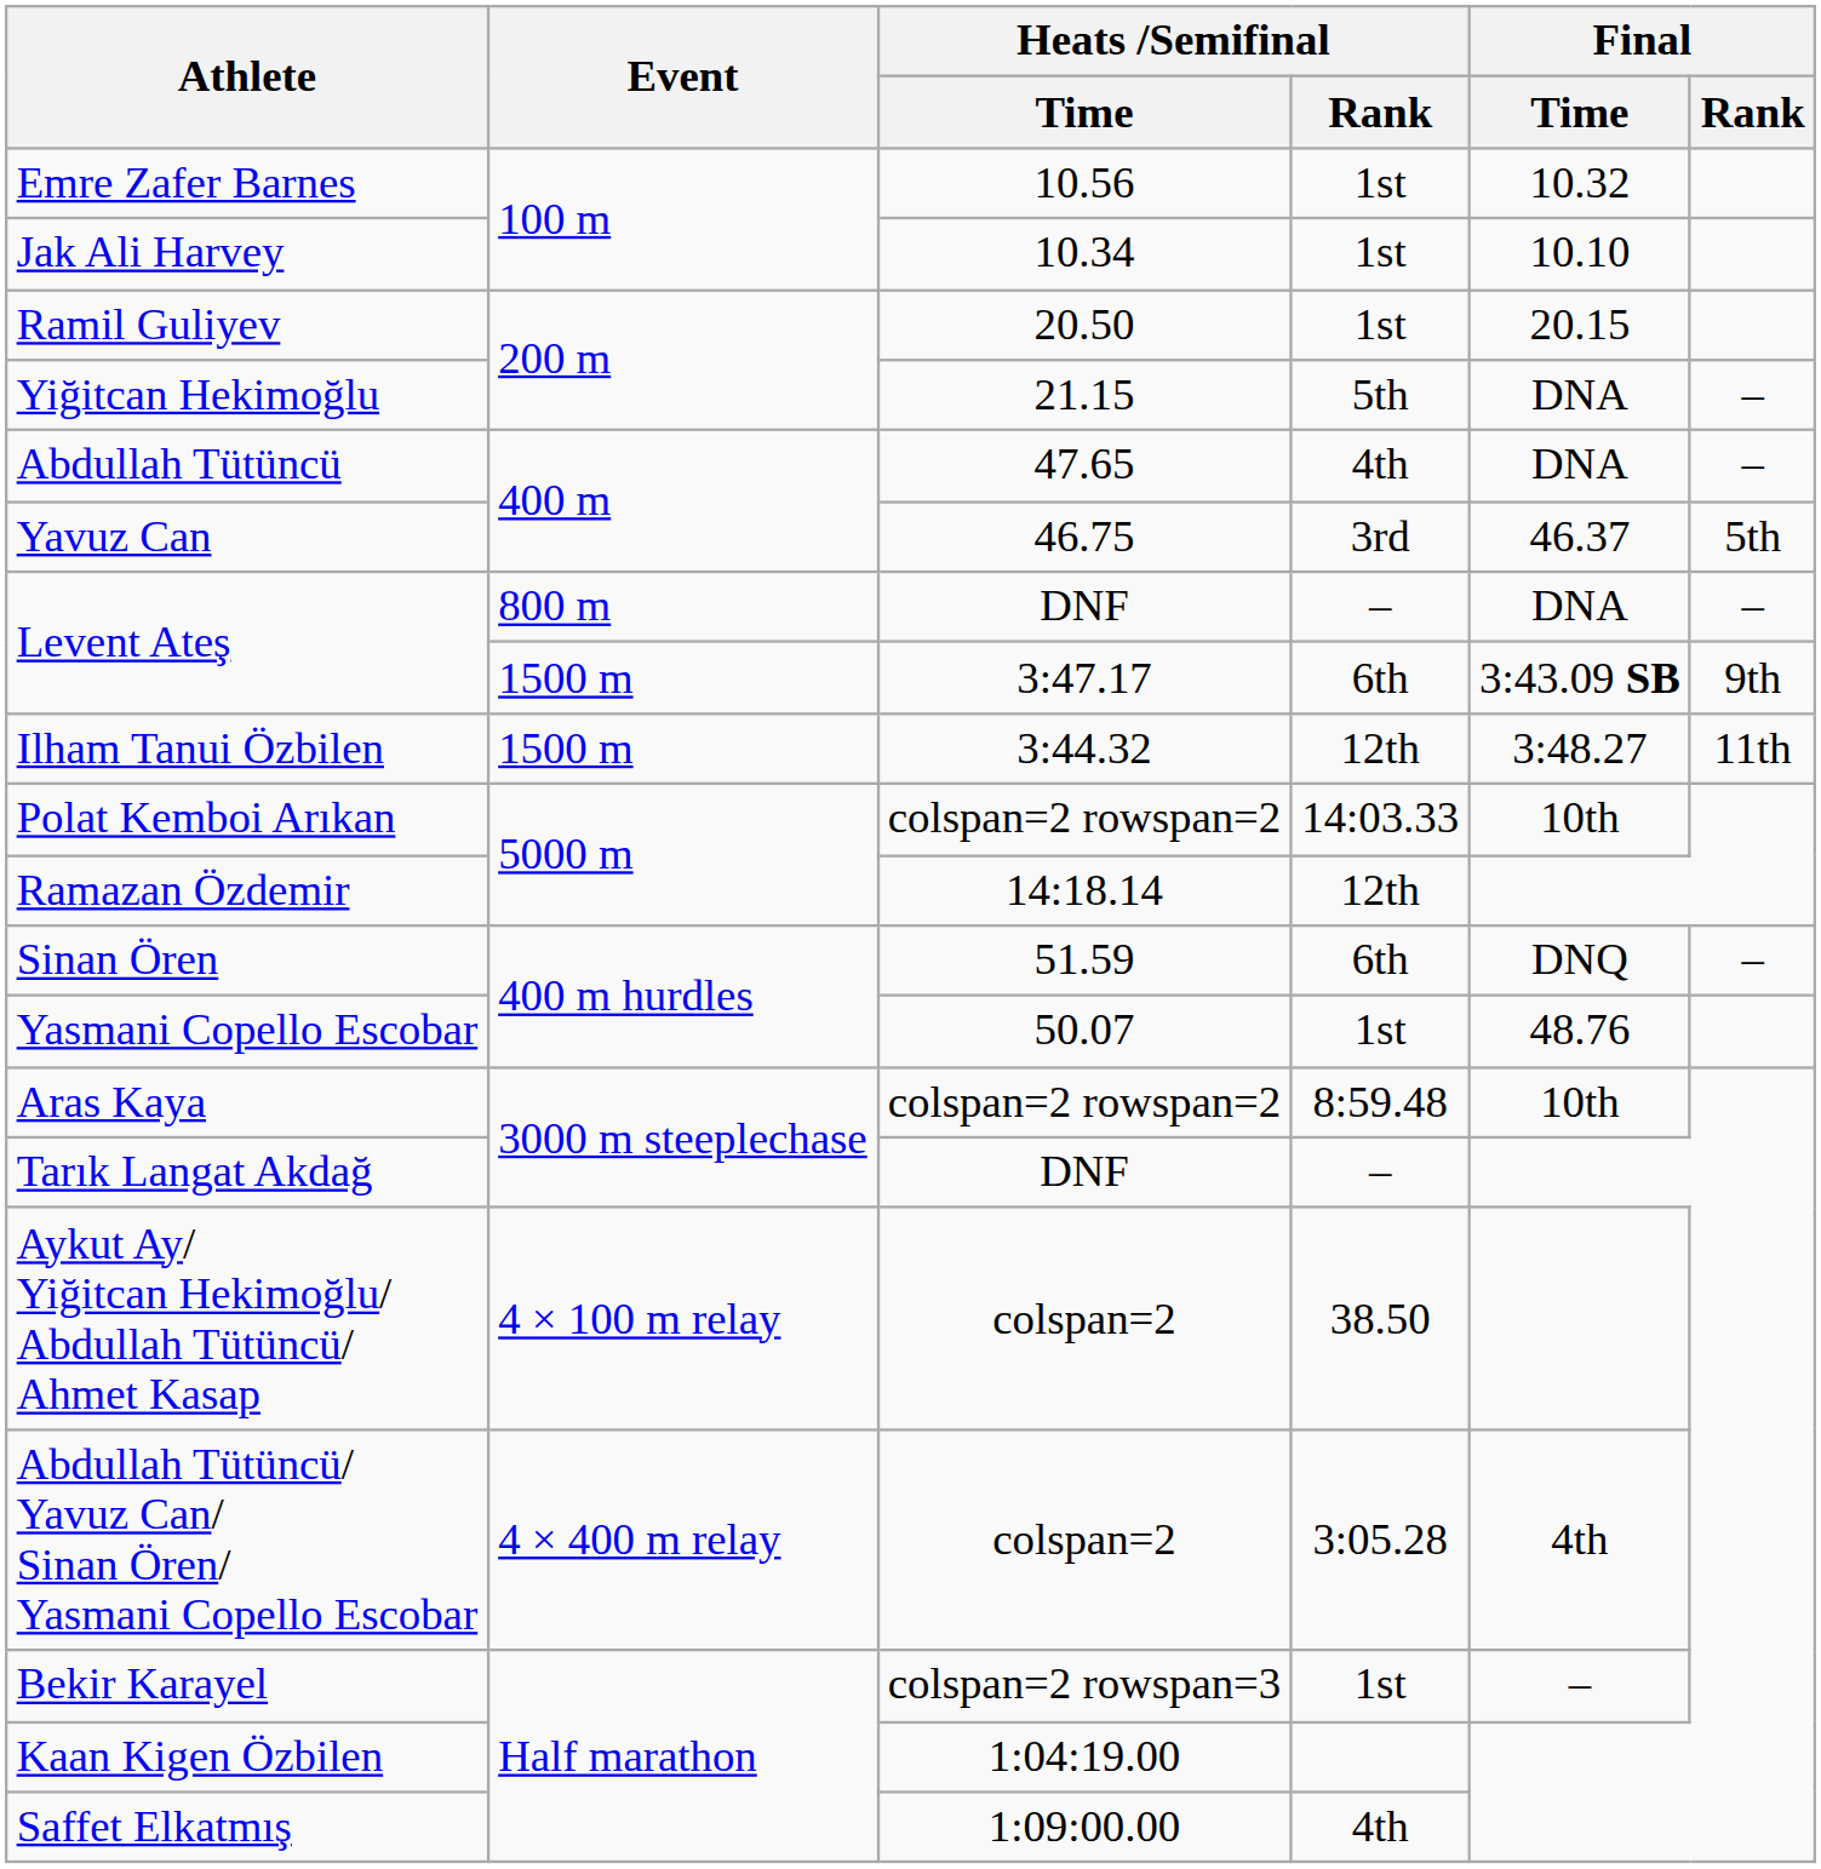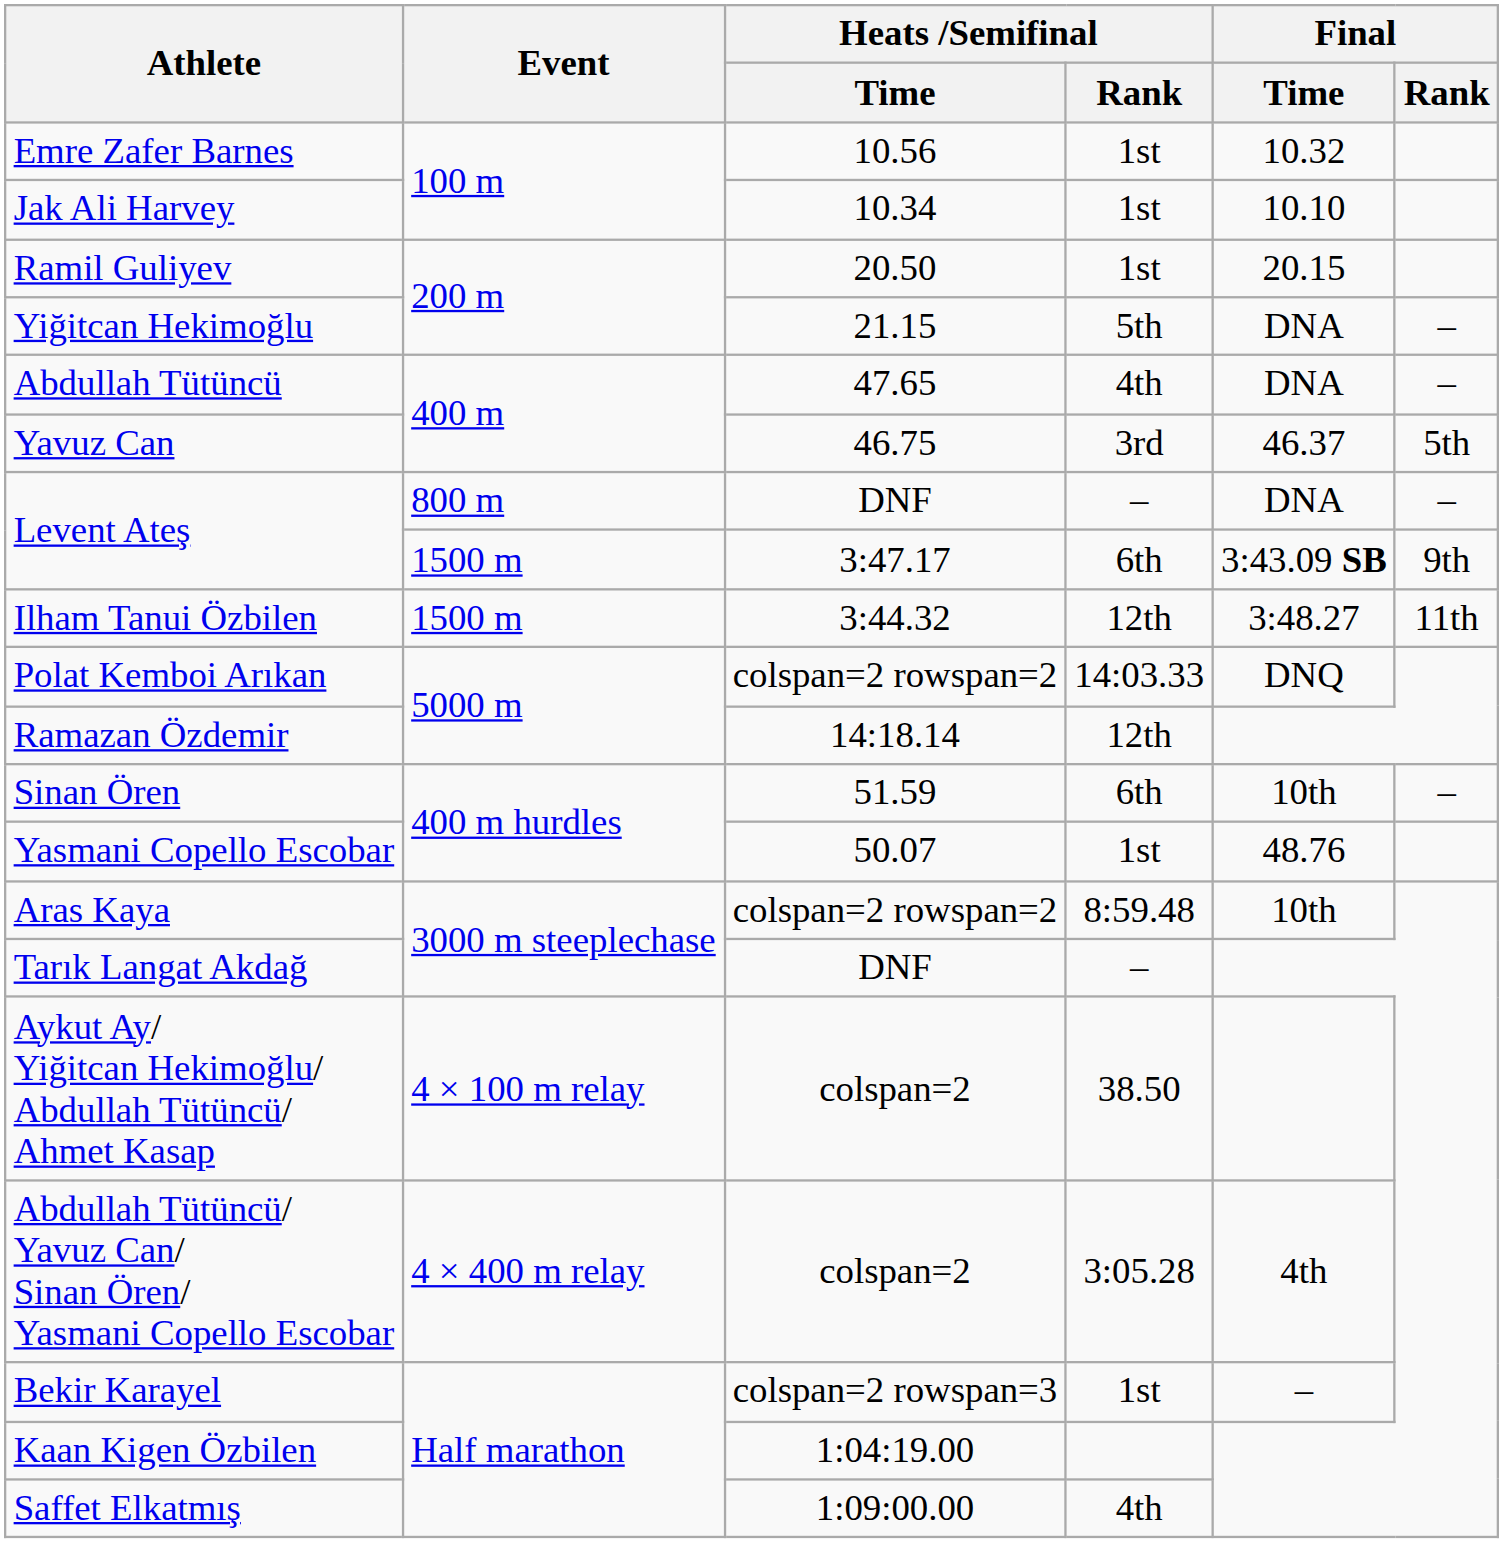 <table class=wikitable>
 <tr>
 <th rowspan="2">Athlete</th>
 <th rowspan="2">Event</th>
 <th colspan="2">Heats /Semifinal</th>
 <th colspan="2">Final</th>
 </tr>
 <tr>
 <th>Time</th>
 <th>Rank</th>
 <th>Time</th>
 <th>Rank</th>
 </tr>
 <tr align=center>
 <td align=left><a href='#'>Emre Zafer Barnes</a></td>
 <td align=left rowspan=2><a href='#'>100 m</a></td>
 <td>10.56</td>
 <td>1st</td>
 <td>10.32</td>
 <td></td>
 </tr>
 <tr align=center>
 <td align=left><a href='#'>Jak Ali Harvey</a></td>
 <td>10.34</td>
 <td>1st</td>
 <td>10.10</td>
 <td></td>
 </tr>
 <tr align=center>
 <td align=left><a href='#'>Ramil Guliyev</a></td>
 <td align=left rowspan=2><a href='#'>200 m</a></td>
 <td>20.50</td>
 <td>1st</td>
 <td>20.15</td>
 <td></td>
 </tr>
 <tr align=center>
 <td align=left><a href='#'>Yiğitcan Hekimoğlu</a></td>
 <td>21.15</td>
 <td>5th</td>
 <td>DNA</td>
 <td>–</td>
 </tr>
 <tr align=center>
 <td align=left><a href='#'>Abdullah Tütüncü</a></td>
 <td align=left rowspan=2><a href='#'>400 m</a></td>
 <td>47.65</td>
 <td>4th</td>
 <td>DNA</td>
 <td>–</td>
 </tr>
 <tr align=center>
 <td align=left><a href='#'>Yavuz Can</a></td>
 <td>46.75</td>
 <td>3rd</td>
 <td>46.37</td>
 <td>5th</td>
 </tr>
 <tr align=center>
 <td align=left rowspan=2><a href='#'>Levent Ateş</a></td>
 <td align=left><a href='#'>800 m</a></td>
 <td>DNF</td>
 <td>–</td>
 <td>DNA</td>
 <td>–</td>
 </tr>
 <tr align=center>
 <td align=left><a href='#'>1500 m</a></td>
 <td>3:47.17</td>
 <td>6th</td>
 <td>3:43.09 <strong>SB</strong></td>
 <td>9th</td>
 </tr>
 <tr align=center>
 <td align=left><a href='#'>Ilham Tanui Özbilen</a></td>
 <td align=left><a href='#'>1500 m</a></td>
 <td>3:44.32</td>
 <td>12th</td>
 <td>3:48.27</td>
 <td>11th</td>
 </tr>
 <tr align=center>
 <td align=left><a href='#'>Polat Kemboi Arıkan</a></td>
 <td align=left rowspan=2><a href='#'>5000 m</a></td>
 <td>colspan=2 rowspan=2 </td>
 <td>14:03.33</td>
-<td>10th</td>
+<td>DNQ</td>
 </tr>
 <tr align=center>
 <td align=left><a href='#'>Ramazan Özdemir</a></td>
 <td>14:18.14</td>
 <td>12th</td>
 </tr>
 <tr align=center>
 <td align=left><a href='#'>Sinan Ören</a></td>
 <td align=left rowspan=2><a href='#'>400 m hurdles</a></td>
 <td>51.59</td>
 <td>6th</td>
-<td>DNQ</td>
+<td>10th</td>
 <td>–</td>
 </tr>
 <tr align=center>
 <td align=left><a href='#'>Yasmani Copello Escobar</a></td>
 <td>50.07</td>
 <td>1st</td>
 <td>48.76</td>
 <td></td>
 </tr>
 <tr align=center>
 <td align=left><a href='#'>Aras Kaya</a></td>
 <td align=left rowspan=2><a href='#'>3000 m steeplechase</a></td>
 <td>colspan=2 rowspan=2 </td>
 <td>8:59.48</td>
 <td>10th</td>
 </tr>
 <tr align=center>
 <td align=left><a href='#'>Tarık Langat Akdağ</a></td>
 <td>DNF</td>
 <td>–</td>
 </tr>
 <tr align=center>
 <td align=left><a href='#'>Aykut Ay</a>/<br><a href='#'>Yiğitcan Hekimoğlu</a>/<br><a href='#'>Abdullah Tütüncü</a>/<br><a href='#'>Ahmet Kasap</a></td>
 <td align=left><a href='#'>4 × 100 m relay</a></td>
 <td>colspan=2 </td>
 <td>38.50</td>
 <td></td>
 </tr>
 <tr align=center>
 <td align=left><a href='#'>Abdullah Tütüncü</a>/<br><a href='#'>Yavuz Can</a>/<br><a href='#'>Sinan Ören</a>/<br><a href='#'>Yasmani Copello Escobar</a></td>
 <td align=left><a href='#'>4 × 400 m relay</a></td>
 <td>colspan=2 </td>
 <td>3:05.28</td>
 <td>4th</td>
 </tr>
 <tr align=center>
 <td align=left><a href='#'>Bekir Karayel</a></td>
 <td align=left rowspan=3><a href='#'>Half marathon</a></td>
 <td>colspan=2 rowspan=3 </td>
 <td>1st</td>
 <td>–</td>
 </tr>
 <tr align=center>
 <td align=left><a href='#'>Kaan Kigen Özbilen</a></td>
 <td>1:04:19.00</td>
 <td></td>
 </tr>
 <tr align=center>
 <td align=left><a href='#'>Saffet Elkatmış</a></td>
 <td>1:09:00.00</td>
 <td>4th</td>
 </tr>
 </table>
